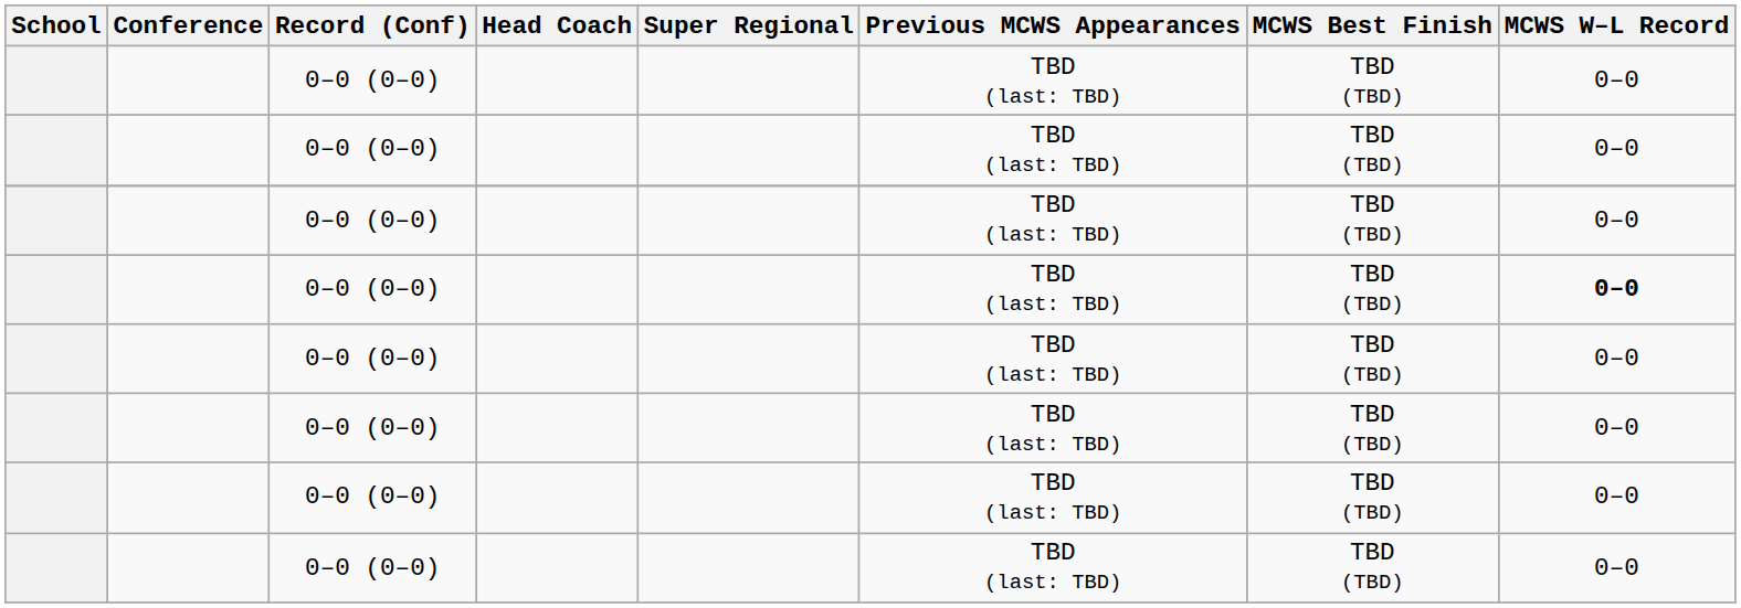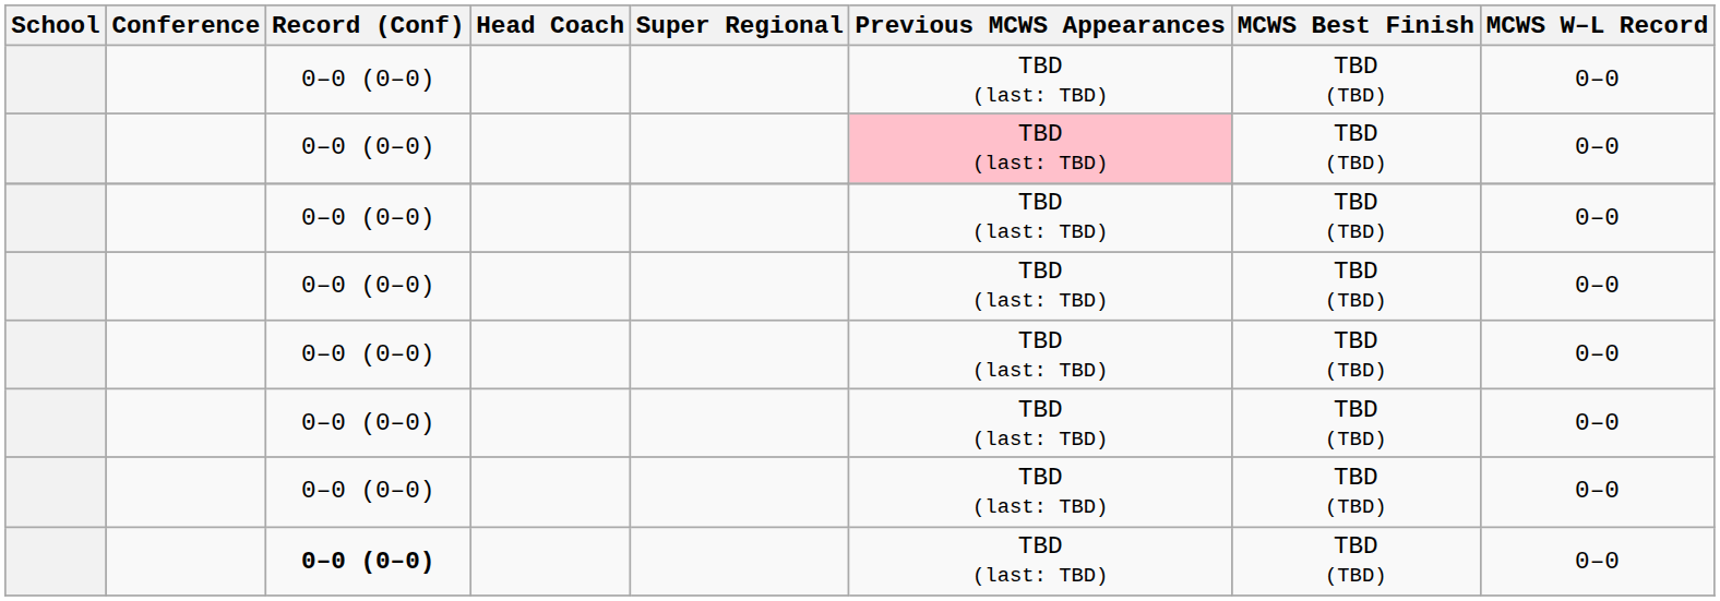 <table class="wikitable sortable plainrowheaders" style="text-align:center">
 <tr>
 <th scope="col">School</th>
 <th scope="col">Conference</th>
 <th scope="col">Record (Conf)</th>
 <th scope="col">Head Coach</th>
 <th scope="col">Super Regional</th>
 <th scope="col">Previous MCWS Appearances</th>
 <th scope="col">MCWS Best Finish</th>
 <th scope="col">MCWS W–L Record</th>
 </tr>
 <tr>
 <th scope="row" style="text-align:center"></th>
 <td></td>
 <td>0–0 (0–0)</td>
 <td></td>
 <td></td>
 <td>TBD<br><small>(last: TBD)</small></td>
 <td>TBD<br><small>(TBD)</small></td>
 <td>0–0</td>
 </tr>
 <tr>
 <th scope="row" style="text-align:center"></th>
 <td></td>
 <td>0–0 (0–0)</td>
 <td></td>
 <td></td>
-<td>TBD<br><small>(last: TBD)</small></td>
+<td style="background: pink;">TBD<br><small>(last: TBD)</small></td>
 <td>TBD<br><small>(TBD)</small></td>
 <td>0–0</td>
 </tr>
 <tr>
-</tr>
-<tr>
-<th scope="row" style="text-align:center"></th>
-<td></td>
-<td>0–0 (0–0)</td>
-<td></td>
-<td></td>
-<td>TBD<br><small>(last: TBD)</small></td>
-<td>TBD<br><small>(TBD)</small></td>
-<td>0–0</td>
-</tr>
-<tr>
-<th scope="row" style="text-align:center"></th>
-<td></td>
-<td>0–0 (0–0)</td>
-<td></td>
-<td></td>
-<td>TBD<br><small>(last: TBD)</small></td>
-<td>TBD<br><small>(TBD)</small></td>
-<td><strong>0–0</strong></td>
 </tr>
 <tr>
 <th scope="row" style="text-align:center"></th>
 <td></td>
 <td>0–0 (0–0)</td>
 <td></td>
 <td></td>
 <td>TBD<br><small>(last: TBD)</small></td>
 <td>TBD<br><small>(TBD)</small></td>
 <td>0–0</td>
 </tr>
 <tr>
 <th scope="row" style="text-align:center"></th>
 <td></td>
 <td>0–0 (0–0)</td>
 <td></td>
 <td></td>
 <td>TBD<br><small>(last: TBD)</small></td>
 <td>TBD<br><small>(TBD)</small></td>
 <td>0–0</td>
 </tr>
 <tr>
 <th scope="row" style="text-align:center"></th>
 <td></td>
 <td>0–0 (0–0)</td>
 <td></td>
 <td></td>
 <td>TBD<br><small>(last: TBD)</small></td>
 <td>TBD<br><small>(TBD)</small></td>
 <td>0–0</td>
 </tr>
 <tr>
 <th scope="row" style="text-align:center"></th>
 <td></td>
 <td>0–0 (0–0)</td>
 <td></td>
 <td></td>
 <td>TBD<br><small>(last: TBD)</small></td>
 <td>TBD<br><small>(TBD)</small></td>
 <td>0–0</td>
 </tr>
+<tr>
+<th scope="row" style="text-align:center"></th>
+<td></td>
+<td>0–0 (0–0)</td>
+<td></td>
+<td></td>
+<td>TBD<br><small>(last: TBD)</small></td>
+<td>TBD<br><small>(TBD)</small></td>
+<td>0–0</td>
+</tr>
+<tr>
+<th scope="row" style="text-align:center"></th>
+<td></td>
+<td><strong>0–0 (0–0)</strong></td>
+<td></td>
+<td></td>
+<td>TBD<br><small>(last: TBD)</small></td>
+<td>TBD<br><small>(TBD)</small></td>
+<td>0–0</td>
+</tr>
 </table>
